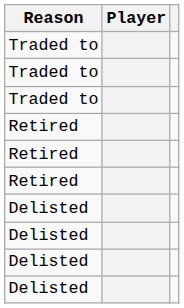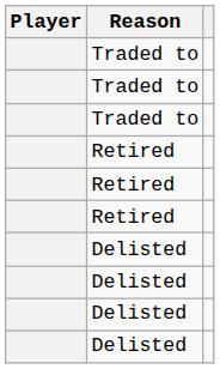 <table class="wikitable plainrowheaders">
 <tr>
+<th scope="col">Player</th>
 <th scope="col">Reason</th>
-<th scope="col">Player</th>
 <th scope="col"></th>
 </tr>
 <tr>
+<th scope="row"></th>
 <td>Traded to </td>
-<th scope="row"></th>
 <td align="center"></td>
 </tr>
 <tr>
+<th scope="row"></th>
 <td>Traded to </td>
-<th scope="row"></th>
 <td align="center"></td>
 </tr>
 <tr>
+<th scope="row"></th>
 <td>Traded to </td>
-<th scope="row"></th>
 <td align="center"></td>
 </tr>
 <tr>
+<th scope="row"></th>
 <td>Retired</td>
-<th scope="row"></th>
 <td align="center"></td>
 </tr>
 <tr>
+<th scope="row"></th>
 <td>Retired</td>
-<th scope="row"></th>
 <td align="center"></td>
 </tr>
 <tr>
+<th scope="row"></th>
 <td>Retired</td>
-<th scope="row"></th>
 <td align="center"></td>
 </tr>
 <tr>
+<th scope="row"></th>
 <td>Delisted</td>
-<th scope="row"></th>
 <td align="center"></td>
 </tr>
 <tr>
+<th scope="row"></th>
 <td>Delisted</td>
-<th scope="row"></th>
 <td align="center"></td>
 </tr>
 <tr>
+<th scope="row"></th>
 <td>Delisted</td>
-<th scope="row"></th>
 <td align="center"></td>
 </tr>
 <tr>
+<th scope="row"></th>
 <td>Delisted</td>
-<th scope="row"></th>
 <td align="center"></td>
 </tr>
 </table>
